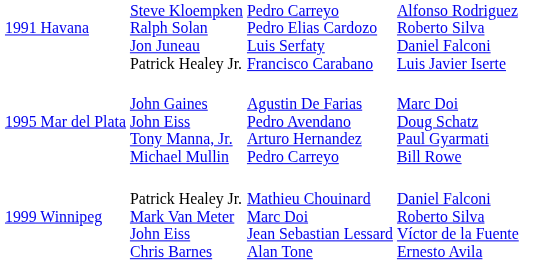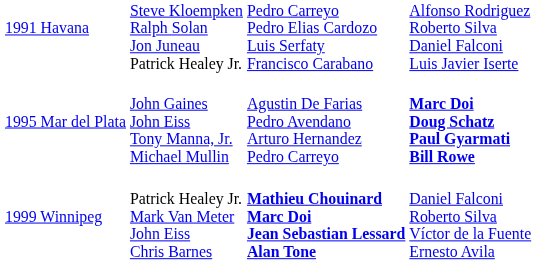 <table>
 <tr>
 <td><a href='#'>1991 Havana</a><br></td>
 <td><br><a href='#'>Steve Kloempken</a><br><a href='#'>Ralph Solan</a><br><a href='#'>Jon Juneau</a><br>Patrick Healey Jr.</td>
 <td><br><a href='#'>Pedro Carreyo</a><br><a href='#'>Pedro Elias Cardozo</a><br><a href='#'>Luis Serfaty</a><br><a href='#'>Francisco Carabano</a></td>
 <td><br><a href='#'>Alfonso Rodriguez</a><br><a href='#'>Roberto Silva</a><br><a href='#'>Daniel Falconi</a><br><a href='#'>Luis Javier Iserte</a></td>
 </tr>
 <tr>
 <td><a href='#'>1995 Mar del Plata</a><br></td>
 <td><br><a href='#'>John Gaines</a><br><a href='#'>John Eiss</a><br><a href='#'>Tony Manna, Jr.</a><br><a href='#'>Michael Mullin</a></td>
 <td><br><a href='#'>Agustin De Farias</a><br><a href='#'>Pedro Avendano</a><br><a href='#'>Arturo Hernandez</a><br><a href='#'>Pedro Carreyo</a></td>
-<td><br><a href='#'>Marc Doi</a><br><a href='#'>Doug Schatz</a><br><a href='#'>Paul Gyarmati</a><br><a href='#'>Bill Rowe</a></td>
+<td><strong><br><a href='#'>Marc Doi</a><br><a href='#'>Doug Schatz</a><br><a href='#'>Paul Gyarmati</a><br><a href='#'>Bill Rowe</a></strong></td>
 </tr>
 <tr>
 </tr>
 <tr>
 <td><a href='#'>1999 Winnipeg</a><br></td>
 <td><br>Patrick Healey Jr.<br><a href='#'>Mark Van Meter</a><br><a href='#'>John Eiss</a><br><a href='#'>Chris Barnes</a></td>
-<td><br><a href='#'>Mathieu Chouinard</a><br><a href='#'>Marc Doi</a><br><a href='#'>Jean Sebastian Lessard</a><br><a href='#'>Alan Tone</a></td>
+<td><strong><br><a href='#'>Mathieu Chouinard</a><br><a href='#'>Marc Doi</a><br><a href='#'>Jean Sebastian Lessard</a><br><a href='#'>Alan Tone</a></strong></td>
 <td><br><a href='#'>Daniel Falconi</a><br><a href='#'>Roberto Silva</a><br><a href='#'>Víctor de la Fuente</a><br><a href='#'>Ernesto Avila</a></td>
 </tr>
 </table>
